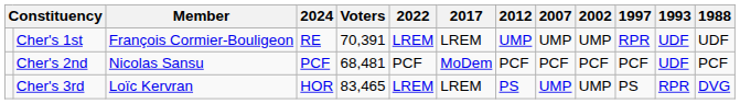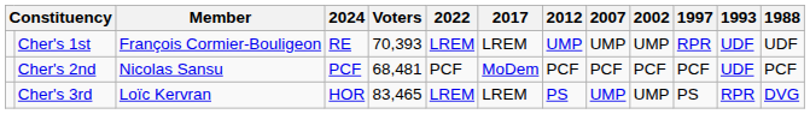 <table class="wikitable sortable">
 <tr>
 <th colspan="2">Constituency</th>
 <th>Member</th>
 <th>2024</th>
 <th>Voters</th>
 <th>2022</th>
 <th>2017</th>
 <th>2012</th>
 <th>2007</th>
 <th>2002</th>
 <th>1997</th>
 <th>1993</th>
 <th>1988</th>
 </tr>
 <tr>
 <td style="background-color: "></td>
 <td><a href='#'>Cher's 1st</a></td>
 <td><a href='#'>François Cormier-Bouligeon</a></td>
 <td><a href='#'>RE</a></td>
-<td>70,391</td>
+<td>70,393</td>
 <td><a href='#'>LREM</a></td>
 <td>LREM</td>
 <td bgcolor=><a href='#'>UMP</a></td>
 <td bgcolor=>UMP</td>
 <td bgcolor=>UMP</td>
 <td bgcolor=><a href='#'>RPR</a></td>
 <td bgcolor=><a href='#'>UDF</a></td>
 <td bgcolor=>UDF</td>
 </tr>
 <tr>
 <td style="background-color: "></td>
 <td><a href='#'>Cher's 2nd</a></td>
 <td><a href='#'>Nicolas Sansu</a></td>
 <td bgcolor=><a href='#'>PCF</a></td>
 <td>68,481</td>
 <td bgcolor=>PCF</td>
 <td><a href='#'>MoDem</a></td>
 <td bgcolor=>PCF</td>
 <td bgcolor=>PCF</td>
 <td bgcolor=>PCF</td>
 <td bgcolor=>PCF</td>
 <td bgcolor=><a href='#'>UDF</a></td>
 <td bgcolor=>PCF</td>
 </tr>
 <tr>
 <td style="background-color: "></td>
 <td><a href='#'>Cher's 3rd</a></td>
 <td><a href='#'>Loïc Kervran</a></td>
 <td><a href='#'>HOR</a></td>
 <td>83,465</td>
 <td><a href='#'>LREM</a></td>
 <td>LREM</td>
 <td bgcolor=><a href='#'>PS</a></td>
 <td bgcolor=><a href='#'>UMP</a></td>
 <td bgcolor=>UMP</td>
 <td bgcolor=>PS</td>
 <td bgcolor=><a href='#'>RPR</a></td>
 <td bgcolor=><a href='#'>DVG</a></td>
 </tr>
 </table>
